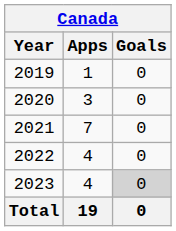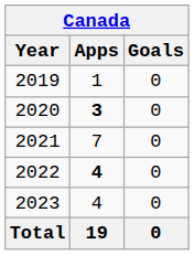 <table class="wikitable" style="text-align:center">
 <tr>
 <th colspan=3><a href='#'>Canada</a></th>
 </tr>
 <tr>
 <th>Year</th>
 <th>Apps</th>
 <th>Goals</th>
 </tr>
 <tr>
 <td>2019</td>
 <td>1</td>
 <td>0</td>
 </tr>
 <tr>
 <td>2020</td>
-<td>3</td>
+<td><strong>3</strong></td>
 <td>0</td>
 </tr>
 <tr>
 <td>2021</td>
 <td>7</td>
 <td>0</td>
 </tr>
 <tr>
 <td>2022</td>
-<td>4</td>
+<td><strong>4</strong></td>
 <td>0</td>
 </tr>
 <tr>
 <td>2023</td>
 <td>4</td>
-<td style="background: lightgrey;">0</td>
+<td>0</td>
 </tr>
 <tr>
 <th>Total</th>
 <th>19</th>
 <th>0</th>
 </tr>
 </table>
